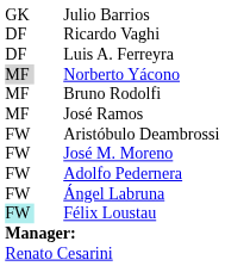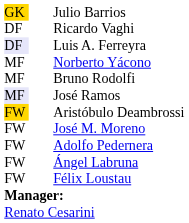 <table cellspacing="0" cellpadding="0" style="font-size:90%; margin:0.2em auto;">
 <tr>
 <th width="25"></th>
 <th width="25"></th>
 </tr>
 <tr>
-<td>GK</td>
+<td style="background: gold;">GK</td>
 <td></td>
 <td> Julio Barrios</td>
 </tr>
 <tr>
 <td>DF</td>
 <td></td>
 <td> Ricardo Vaghi</td>
 </tr>
 <tr>
-<td>DF</td>
+<td style="background: lavender;">DF</td>
 <td></td>
 <td> Luis A. Ferreyra</td>
 </tr>
 <tr>
-<td style="background: lightgrey;">MF</td>
+<td>MF</td>
 <td></td>
 <td> <a href='#'>Norberto Yácono</a></td>
 </tr>
 <tr>
 <td>MF</td>
 <td></td>
 <td> Bruno Rodolfi</td>
 </tr>
 <tr>
-<td>MF</td>
+<td style="background: lavender;">MF</td>
 <td></td>
 <td> José Ramos</td>
 </tr>
 <tr>
-<td>FW</td>
+<td style="background: gold;">FW</td>
 <td></td>
 <td> Aristóbulo Deambrossi</td>
 </tr>
 <tr>
 <td>FW</td>
 <td></td>
 <td> <a href='#'>José M. Moreno</a></td>
 </tr>
 <tr>
 <td>FW</td>
 <td></td>
 <td> <a href='#'>Adolfo Pedernera</a></td>
 </tr>
 <tr>
 <td>FW</td>
 <td></td>
 <td> <a href='#'>Ángel Labruna</a></td>
 </tr>
 <tr>
-<td style="background: paleturquoise;">FW</td>
+<td>FW</td>
 <td></td>
 <td> <a href='#'>Félix Loustau</a></td>
 </tr>
 <tr>
 <td colspan=3><strong>Manager:</strong></td>
 </tr>
 <tr>
 <td colspan=4> <a href='#'>Renato Cesarini</a></td>
 </tr>
 </table>
